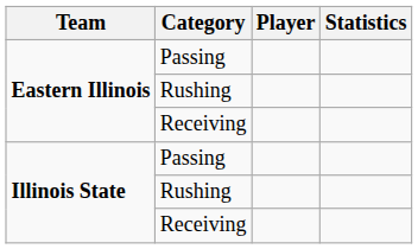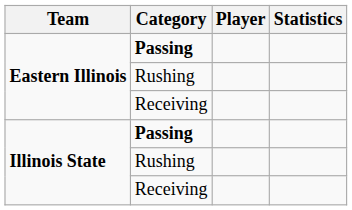 <table class="wikitable" style="float: right;">
 <tr>
 <th>Team</th>
 <th>Category</th>
 <th>Player</th>
 <th>Statistics</th>
 </tr>
 <tr>
 <td rowspan=3><strong>Eastern Illinois</strong></td>
-<td>Passing</td>
+<td><strong>Passing</strong></td>
 <td></td>
 <td></td>
 </tr>
 <tr>
 <td>Rushing</td>
 <td></td>
 <td></td>
 </tr>
 <tr>
 <td>Receiving</td>
 <td></td>
 <td></td>
 </tr>
 <tr>
 <td rowspan=3><strong>Illinois State</strong></td>
-<td>Passing</td>
+<td><strong>Passing</strong></td>
 <td></td>
 <td></td>
 </tr>
 <tr>
 <td>Rushing</td>
 <td></td>
 <td></td>
 </tr>
 <tr>
 <td>Receiving</td>
 <td></td>
 <td></td>
 </tr>
 </table>
